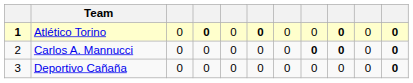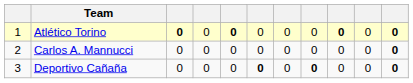 <table class="wikitable" style="text-align:center;">
 <tr>
 <th width="30"></th>
 <th width="180">Team</th>
 <th width="30"></th>
 <th width="30"></th>
 <th width="30"></th>
 <th width="30"></th>
 <th width="30"></th>
 <th width="30"></th>
 <th width="30"></th>
 <th width="30"></th>
 <th width="30"></th>
 </tr>
 <tr bgcolor=ffffcc>
-<td><strong>1</strong></td>
+<td>1</td>
 <td align=left><a href='#'>Atlético Torino</a></td>
+<td><strong>0</strong></td>
 <td>0</td>
 <td><strong>0</strong></td>
 <td>0</td>
-<td><strong>0</strong></td>
 <td>0</td>
 <td>0</td>
 <td><strong>0</strong></td>
 <td>0</td>
 <td><strong>0</strong></td>
 </tr>
 <tr bgcolor=>
 <td>2</td>
 <td align=left><a href='#'>Carlos A. Mannucci</a></td>
 <td>0</td>
 <td>0</td>
 <td>0</td>
 <td>0</td>
 <td>0</td>
-<td><strong>0</strong></td>
-<td><strong>0</strong></td>
+<td>0</td>
+<td>0</td>
 <td>0</td>
 <td><strong>0</strong></td>
 </tr>
 <tr bgcolor=>
 <td>3</td>
 <td align=left><a href='#'>Deportivo Cañaña</a></td>
 <td>0</td>
 <td>0</td>
 <td>0</td>
+<td><strong>0</strong></td>
 <td>0</td>
-<td>0</td>
-<td>0</td>
+<td><strong>0</strong></td>
 <td>0</td>
 <td>0</td>
 <td><strong>0</strong></td>
 </tr>
 </table>
